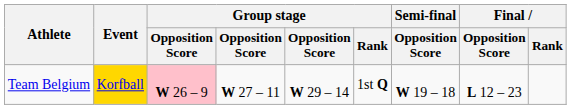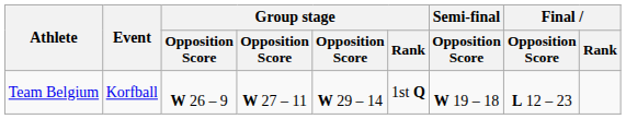 <table class="wikitable" style="font-size:90%">
 <tr>
 <th rowspan=2>Athlete</th>
 <th rowspan=2>Event</th>
 <th colspan=4>Group stage</th>
 <th>Semi-final</th>
 <th colspan=2>Final / </th>
 </tr>
 <tr style="font-size:95%">
 <th>Opposition<br>Score</th>
 <th>Opposition<br>Score</th>
 <th>Opposition<br>Score</th>
 <th>Rank</th>
 <th>Opposition<br>Score</th>
 <th>Opposition<br>Score</th>
 <th>Rank</th>
 </tr>
 <tr align=center>
 <td align=left><a href='#'>Team Belgium</a></td>
-<td align=left style="background: gold;"><a href='#'>Korfball</a></td>
-<td style="background: pink;"><br> <strong>W</strong> 26 – 9</td>
+<td align=left><a href='#'>Korfball</a></td>
+<td><br> <strong>W</strong> 26 – 9</td>
 <td><br> <strong>W</strong> 27 – 11</td>
 <td><br> <strong>W</strong> 29 – 14</td>
 <td>1st <strong>Q</strong></td>
 <td><br> <strong>W</strong> 19 – 18</td>
 <td><br> <strong>L</strong> 12 – 23</td>
 <td></td>
 </tr>
 </table>
